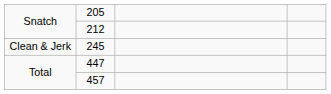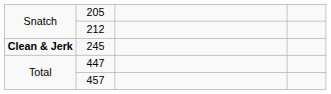 <table class = "wikitable" style="text-align:center;">
 <tr>
 <td rowspan=2 width=100>Snatch</td>
 <td width=50>205</td>
 <td width=250 align=left></td>
 <td width=50></td>
 </tr>
 <tr>
 <td>212</td>
 <td align=left></td>
 <td></td>
 </tr>
 <tr>
-<td>Clean & Jerk</td>
+<td><strong>Clean & Jerk</strong></td>
 <td>245</td>
 <td align=left></td>
 <td></td>
 </tr>
 <tr>
 <td rowspan=2>Total</td>
 <td>447</td>
 <td align=left></td>
 <td></td>
 </tr>
 <tr>
 <td>457</td>
 <td align=left></td>
 <td></td>
 </tr>
 </table>
